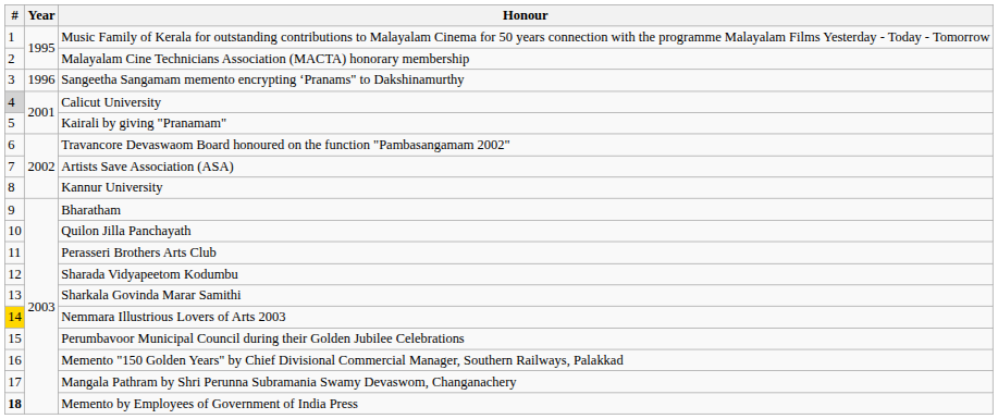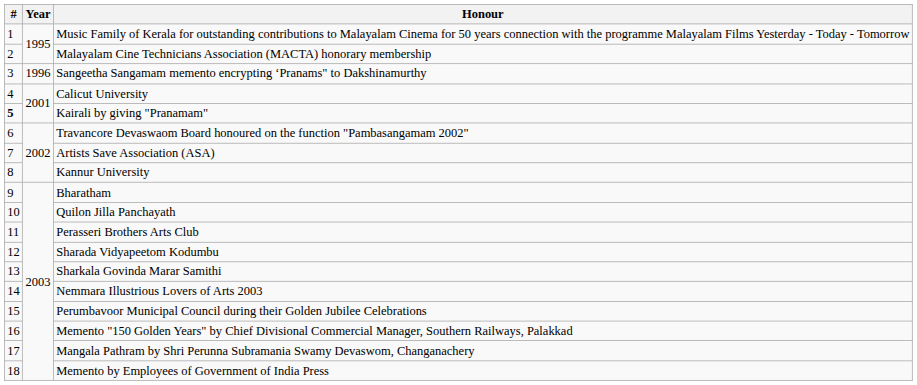 <table class="wikitable">
 <tr>
 <th>#</th>
 <th>Year</th>
 <th>Honour</th>
 </tr>
 <tr>
 <td>1</td>
 <td rowspan="2">1995</td>
 <td>Music Family of Kerala for outstanding contributions to Malayalam Cinema for 50 years connection with the programme Malayalam Films Yesterday -  Today - Tomorrow</td>
 </tr>
 <tr>
 <td>2</td>
 <td>Malayalam Cine Technicians Association (MACTA) honorary membership</td>
 </tr>
 <tr>
 <td>3</td>
 <td>1996</td>
 <td>Sangeetha Sangamam memento encrypting ‘Pranams" to Dakshinamurthy</td>
 </tr>
 <tr>
-<td style="background: lightgrey;">4</td>
+<td>4</td>
 <td rowspan="2">2001</td>
 <td>Calicut University</td>
 </tr>
 <tr>
-<td>5</td>
+<td><strong>5</strong></td>
 <td>Kairali by giving "Pranamam"</td>
 </tr>
 <tr>
 <td>6</td>
 <td rowspan="3">2002</td>
 <td>Travancore Devaswaom Board honoured on the function "Pambasangamam 2002"</td>
 </tr>
 <tr>
 <td>7</td>
 <td>Artists Save Association (ASA)</td>
 </tr>
 <tr>
 <td>8</td>
 <td>Kannur University</td>
 </tr>
 <tr>
 <td>9</td>
 <td rowspan="10">2003</td>
 <td>Bharatham</td>
 </tr>
 <tr>
 <td>10</td>
 <td>Quilon Jilla Panchayath</td>
 </tr>
 <tr>
 <td>11</td>
 <td>Perasseri Brothers Arts Club</td>
 </tr>
 <tr>
 <td>12</td>
 <td>Sharada Vidyapeetom Kodumbu</td>
 </tr>
 <tr>
 <td>13</td>
 <td>Sharkala Govinda Marar Samithi</td>
 </tr>
 <tr>
-<td style="background: gold;">14</td>
+<td>14</td>
 <td>Nemmara Illustrious Lovers of Arts 2003</td>
 </tr>
 <tr>
 <td>15</td>
 <td>Perumbavoor Municipal Council during their Golden Jubilee Celebrations</td>
 </tr>
 <tr>
 <td>16</td>
 <td>Memento "150 Golden Years" by Chief Divisional Commercial Manager, Southern Railways, Palakkad</td>
 </tr>
 <tr>
 <td>17</td>
 <td>Mangala Pathram by Shri Perunna Subramania Swamy Devaswom, Changanachery</td>
 </tr>
 <tr>
-<td><strong>18</strong></td>
+<td>18</td>
 <td>Memento by Employees of Government of India Press</td>
 </tr>
 </table>
